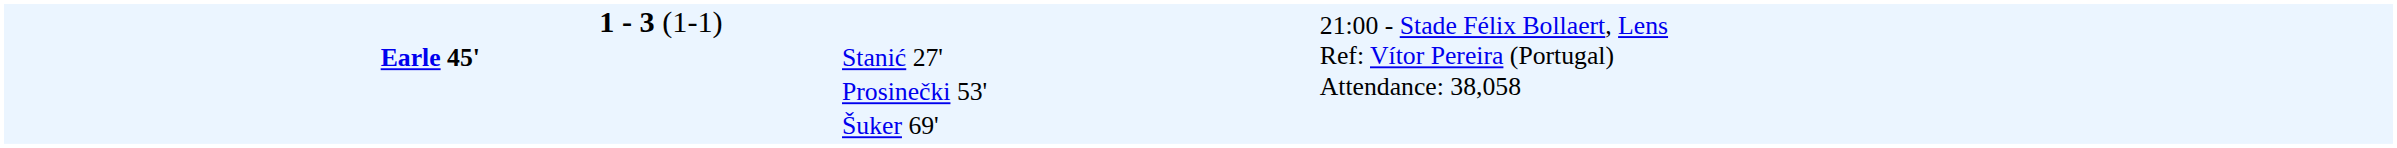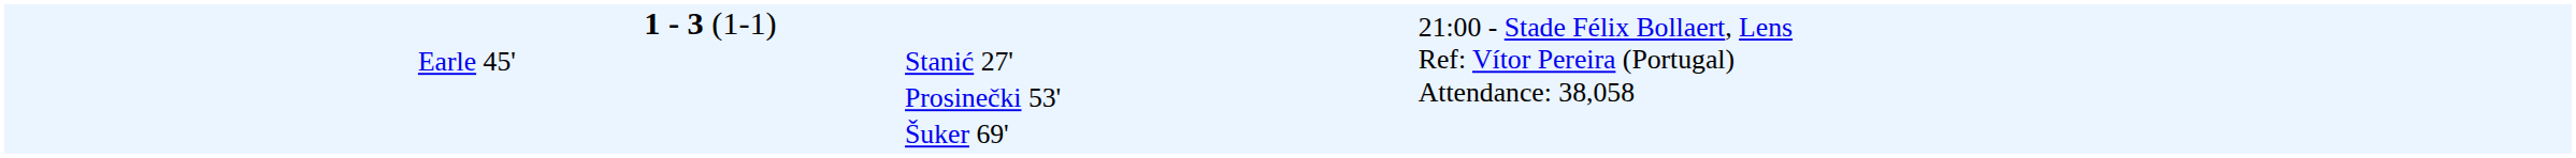 <table cellspacing=0 width=100% style=background:#EBF5FF>
 <tr>
 <td width="20%" align="right"><strong></strong></td>
 <td align="center" width=15%><strong>1 - 3</strong> (1-1)</td>
 <td width="20%"><strong></strong></td>
 <td style=font-size:85% rowspan=3>21:00 - <a href='#'>Stade Félix Bollaert</a>, <a href='#'>Lens</a><br>Ref: <a href='#'>Vítor Pereira</a> (Portugal)<br>Attendance: 38,058</td>
 </tr>
 <tr style=font-size:85%>
-<td align="right"><strong><a href='#'>Earle</a> 45'</strong></td>
+<td align="right"><a href='#'>Earle</a> 45'</td>
 <td></td>
 <td><a href='#'>Stanić</a> 27'</td>
 </tr>
 <tr style=font-size:85%>
 <td></td>
 <td></td>
 <td><a href='#'>Prosinečki</a> 53'</td>
 </tr>
 <tr style=font-size:85%>
 <td></td>
 <td></td>
 <td><a href='#'>Šuker</a> 69'</td>
 </tr>
 </table>
